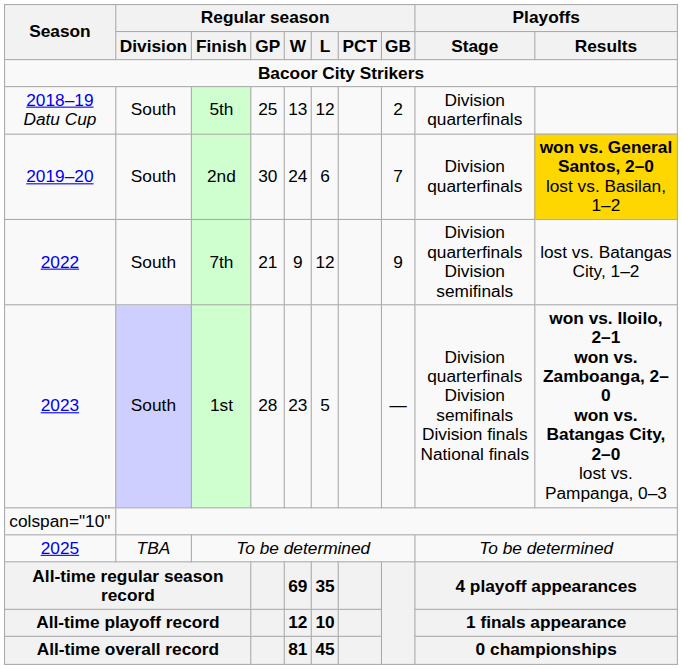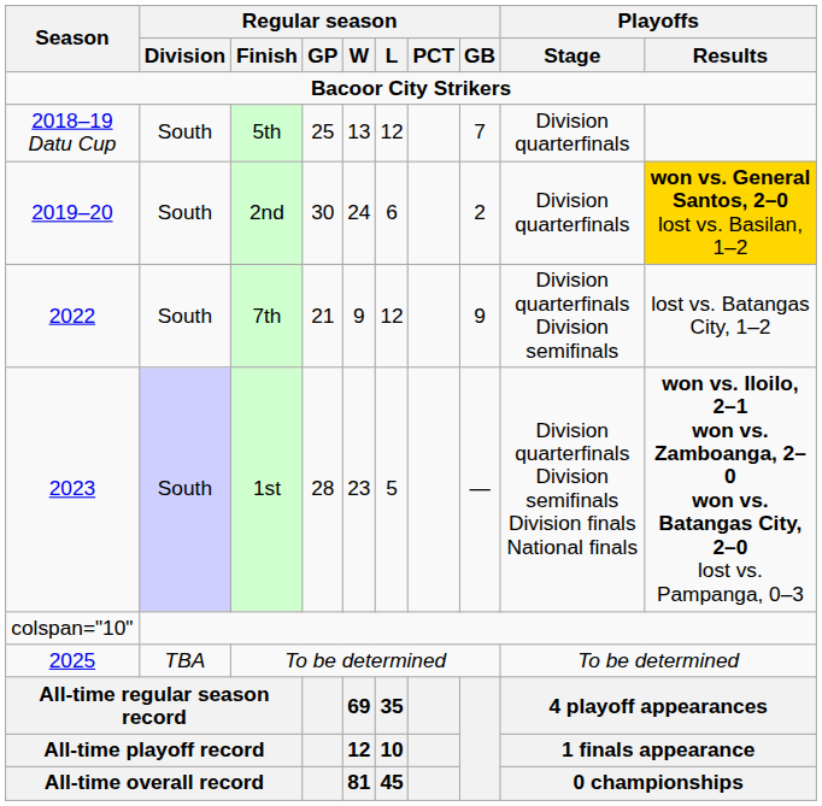 <table class=wikitable style="width:100%; text-align:center">
 <tr>
 <th rowspan="2">Season</th>
 <th colspan="7">Regular season</th>
 <th colspan="2">Playoffs</th>
 </tr>
 <tr>
 <th>Division</th>
 <th>Finish</th>
 <th>GP</th>
 <th>W</th>
 <th>L</th>
 <th>PCT</th>
 <th>GB</th>
 <th>Stage</th>
 <th>Results</th>
 </tr>
 <tr>
 <td colspan=10><span><strong>Bacoor City Strikers</strong></span></td>
 </tr>
 <tr>
 <td><a href='#'>2018–19</a> <br> <em>Datu Cup</em></td>
 <td>South</td>
 <td bgcolor="CFFFCF">5th</td>
 <td>25</td>
 <td>13</td>
 <td>12</td>
 <td></td>
-<td>2</td>
+<td>7</td>
 <td>Division quarterfinals<br></td>
 <td><br></td>
 </tr>
 <tr>
 <td><a href='#'>2019–20</a> <br> </td>
 <td>South</td>
 <td bgcolor="CFFFCF">2nd</td>
 <td>30</td>
 <td>24</td>
 <td>6</td>
 <td></td>
-<td>7</td>
+<td>2</td>
 <td>Division quarterfinals</td>
 <td style="background: gold;"><strong>won vs. General Santos, 2–0</strong><br>lost vs. Basilan, 1–2</td>
 </tr>
 <tr>
 <td><a href='#'>2022</a></td>
 <td>South</td>
 <td bgcolor="CFFFCF">7th</td>
 <td>21</td>
 <td>9</td>
 <td>12</td>
 <td></td>
 <td>9</td>
 <td>Division quarterfinals<br>Division semifinals</td>
 <td>lost vs. Batangas City, 1–2</td>
 </tr>
 <tr>
 <td><a href='#'>2023</a></td>
 <td bgcolor="CFCFFF">South</td>
 <td bgcolor="CFFFCF">1st</td>
 <td>28</td>
 <td>23</td>
 <td>5</td>
 <td></td>
 <td>—</td>
 <td>Division quarterfinals<br>Division semifinals<br>Division finals<br>National finals</td>
 <td><strong>won vs. Iloilo, 2–1</strong><br><strong>won vs. Zamboanga, 2–0</strong><br><strong>won vs. Batangas City, 2–0</strong><br>lost vs. Pampanga, 0–3</td>
 </tr>
 <tr>
 <td>colspan="10" </td>
 </tr>
 <tr>
 <td><a href='#'>2025</a></td>
 <td><em>TBA</em></td>
 <td colspan=6><em>To be determined</em></td>
 <td colspan=2><em>To be determined</em></td>
 </tr>
 <tr>
 <th colspan="3">All-time regular season record</th>
 <th></th>
 <th>69</th>
 <th>35</th>
 <th></th>
 <th rowspan="3"></th>
 <th colspan="2">4 playoff appearances</th>
 </tr>
 <tr>
 <th colspan="3">All-time playoff record</th>
 <th></th>
 <th>12</th>
 <th>10</th>
 <th></th>
 <th colspan="2">1 finals appearance</th>
 </tr>
 <tr>
 <th colspan="3">All-time overall record</th>
 <th></th>
 <th>81</th>
 <th>45</th>
 <th></th>
 <th colspan="2">0 championships</th>
 </tr>
 </table>
